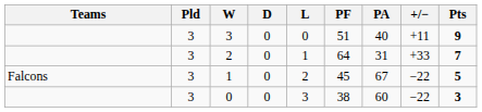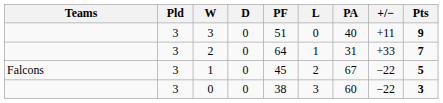 <table class="wikitable" style="text-align: center;">
 <tr>
 <th width="200">Teams</th>
 <th width="40">Pld</th>
 <th width="40">W</th>
 <th width="40">D</th>
+<th width="40">PF</th>
 <th width="40">L</th>
-<th width="40">PF</th>
 <th width="40">PA</th>
 <th width="40">+/−</th>
 <th width="40">Pts</th>
 </tr>
 <tr>
 <td align=left></td>
 <td>3</td>
 <td>3</td>
 <td>0</td>
+<td>51</td>
 <td>0</td>
-<td>51</td>
 <td>40</td>
 <td>+11</td>
 <td><strong>9</strong></td>
 </tr>
 <tr>
 <td align=left></td>
 <td>3</td>
 <td>2</td>
 <td>0</td>
+<td>64</td>
 <td>1</td>
-<td>64</td>
 <td>31</td>
 <td>+33</td>
 <td><strong>7</strong></td>
 </tr>
 <tr>
 <td align=left> Falcons</td>
 <td>3</td>
 <td>1</td>
 <td>0</td>
+<td>45</td>
 <td>2</td>
-<td>45</td>
 <td>67</td>
 <td>−22</td>
 <td><strong>5</strong></td>
 </tr>
 <tr>
 <td align=left></td>
 <td>3</td>
 <td>0</td>
 <td>0</td>
+<td>38</td>
 <td>3</td>
-<td>38</td>
 <td>60</td>
 <td>−22</td>
 <td><strong>3</strong></td>
 </tr>
 </table>
